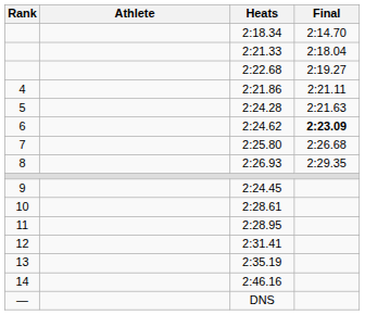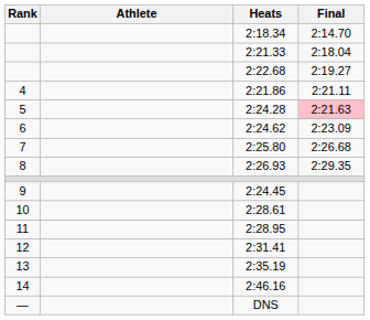 <table class=wikitable style="text-align:center">
 <tr>
 <th width=40>Rank</th>
 <th width=250>Athlete</th>
 <th width=80>Heats</th>
 <th width=80>Final</th>
 </tr>
 <tr>
 <td></td>
 <td align=left></td>
 <td>2:18.34</td>
 <td>2:14.70</td>
 </tr>
 <tr>
 <td></td>
 <td align=left></td>
 <td>2:21.33</td>
 <td>2:18.04</td>
 </tr>
 <tr>
 <td></td>
 <td align=left></td>
 <td>2:22.68</td>
 <td>2:19.27</td>
 </tr>
 <tr>
 <td>4</td>
 <td align=left></td>
 <td>2:21.86</td>
 <td>2:21.11</td>
 </tr>
 <tr>
 <td>5</td>
 <td align=left></td>
 <td>2:24.28</td>
-<td>2:21.63</td>
+<td style="background: pink;">2:21.63</td>
 </tr>
 <tr>
 <td>6</td>
 <td align=left></td>
 <td>2:24.62</td>
-<td><strong>2:23.09</strong></td>
+<td>2:23.09</td>
 </tr>
 <tr>
 <td>7</td>
 <td align=left></td>
 <td>2:25.80</td>
 <td>2:26.68</td>
 </tr>
 <tr>
 <td>8</td>
 <td align=left></td>
 <td>2:26.93 </td>
 <td>2:29.35</td>
 </tr>
 <tr bgcolor=#DDDDDD>
 <td colspan=4></td>
 </tr>
 <tr>
 <td>9</td>
 <td align=left></td>
 <td>2:24.45 </td>
 <td></td>
 </tr>
 <tr>
 <td>10</td>
 <td align=left></td>
 <td>2:28.61</td>
 <td></td>
 </tr>
 <tr>
 <td>11</td>
 <td align=left></td>
 <td>2:28.95</td>
 <td></td>
 </tr>
 <tr>
 <td>12</td>
 <td align=left></td>
 <td>2:31.41</td>
 <td></td>
 </tr>
 <tr>
 <td>13</td>
 <td align=left></td>
 <td>2:35.19</td>
 <td></td>
 </tr>
 <tr>
 <td>14</td>
 <td align=left></td>
 <td>2:46.16</td>
 <td></td>
 </tr>
 <tr>
 <td>—</td>
 <td align=left></td>
 <td>DNS</td>
 <td></td>
 </tr>
 </table>
